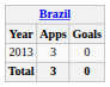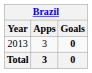 <table class="wikitable" style="text-align:center">
 <tr>
 <th colspan=3><a href='#'>Brazil</a></th>
 </tr>
 <tr>
 <th>Year</th>
 <th>Apps</th>
 <th>Goals</th>
 </tr>
 <tr>
 <td>2013</td>
 <td>3</td>
-<td>0</td>
+<td><strong>0</strong></td>
 </tr>
 <tr>
 <th>Total</th>
 <th>3</th>
 <th>0</th>
 </tr>
 </table>
